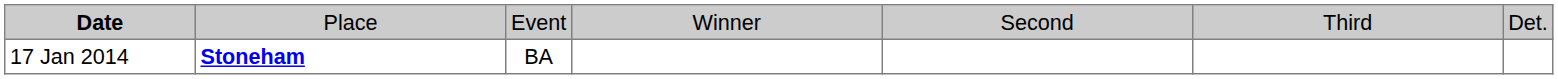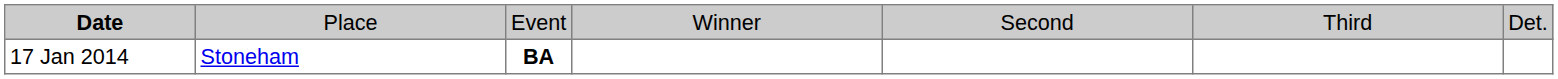 <table cellpadding="3" cellspacing="0" border="1" style="background:#ffffff; font-size:90%; border:grey solid 1px; border-collapse:collapse;">
 <tr style="background:#ccc; text-align:center;">
 <th style="width:120px;">Date</th>
 <td style="width:200px;">Place</td>
 <td style="width:15px;">Event</td>
 <td style="width:200px;">Winner</td>
 <td style="width:200px;">Second</td>
 <td style="width:200px;">Third</td>
 <td style="width:15px;">Det.</td>
 </tr>
 <tr align="left">
 <td>17 Jan 2014</td>
-<td><strong> <a href='#'>Stoneham</a></strong></td>
-<td align=center>BA</td>
+<td> <a href='#'>Stoneham</a></td>
+<td align=center><strong>BA</strong></td>
 <td></td>
 <td></td>
 <td></td>
 <td></td>
 </tr>
 </table>
